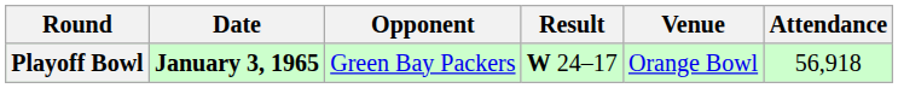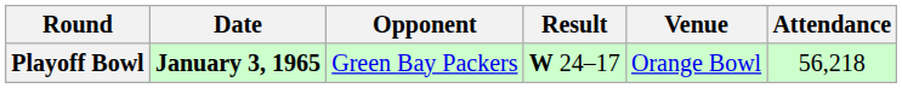 <table class="wikitable" style="text-align:center">
 <tr>
 <th>Round</th>
 <th>Date</th>
 <th>Opponent</th>
 <th>Result</th>
 <th>Venue</th>
 <th>Attendance</th>
 </tr>
 <tr style="background:#cfc">
 <th>Playoff Bowl</th>
 <td><strong>January 3, 1965</strong></td>
 <td><a href='#'>Green Bay Packers</a></td>
 <td><strong>W</strong> 24–17</td>
 <td><a href='#'>Orange Bowl</a></td>
-<td>56,918</td>
+<td>56,218</td>
 </tr>
 </table>
